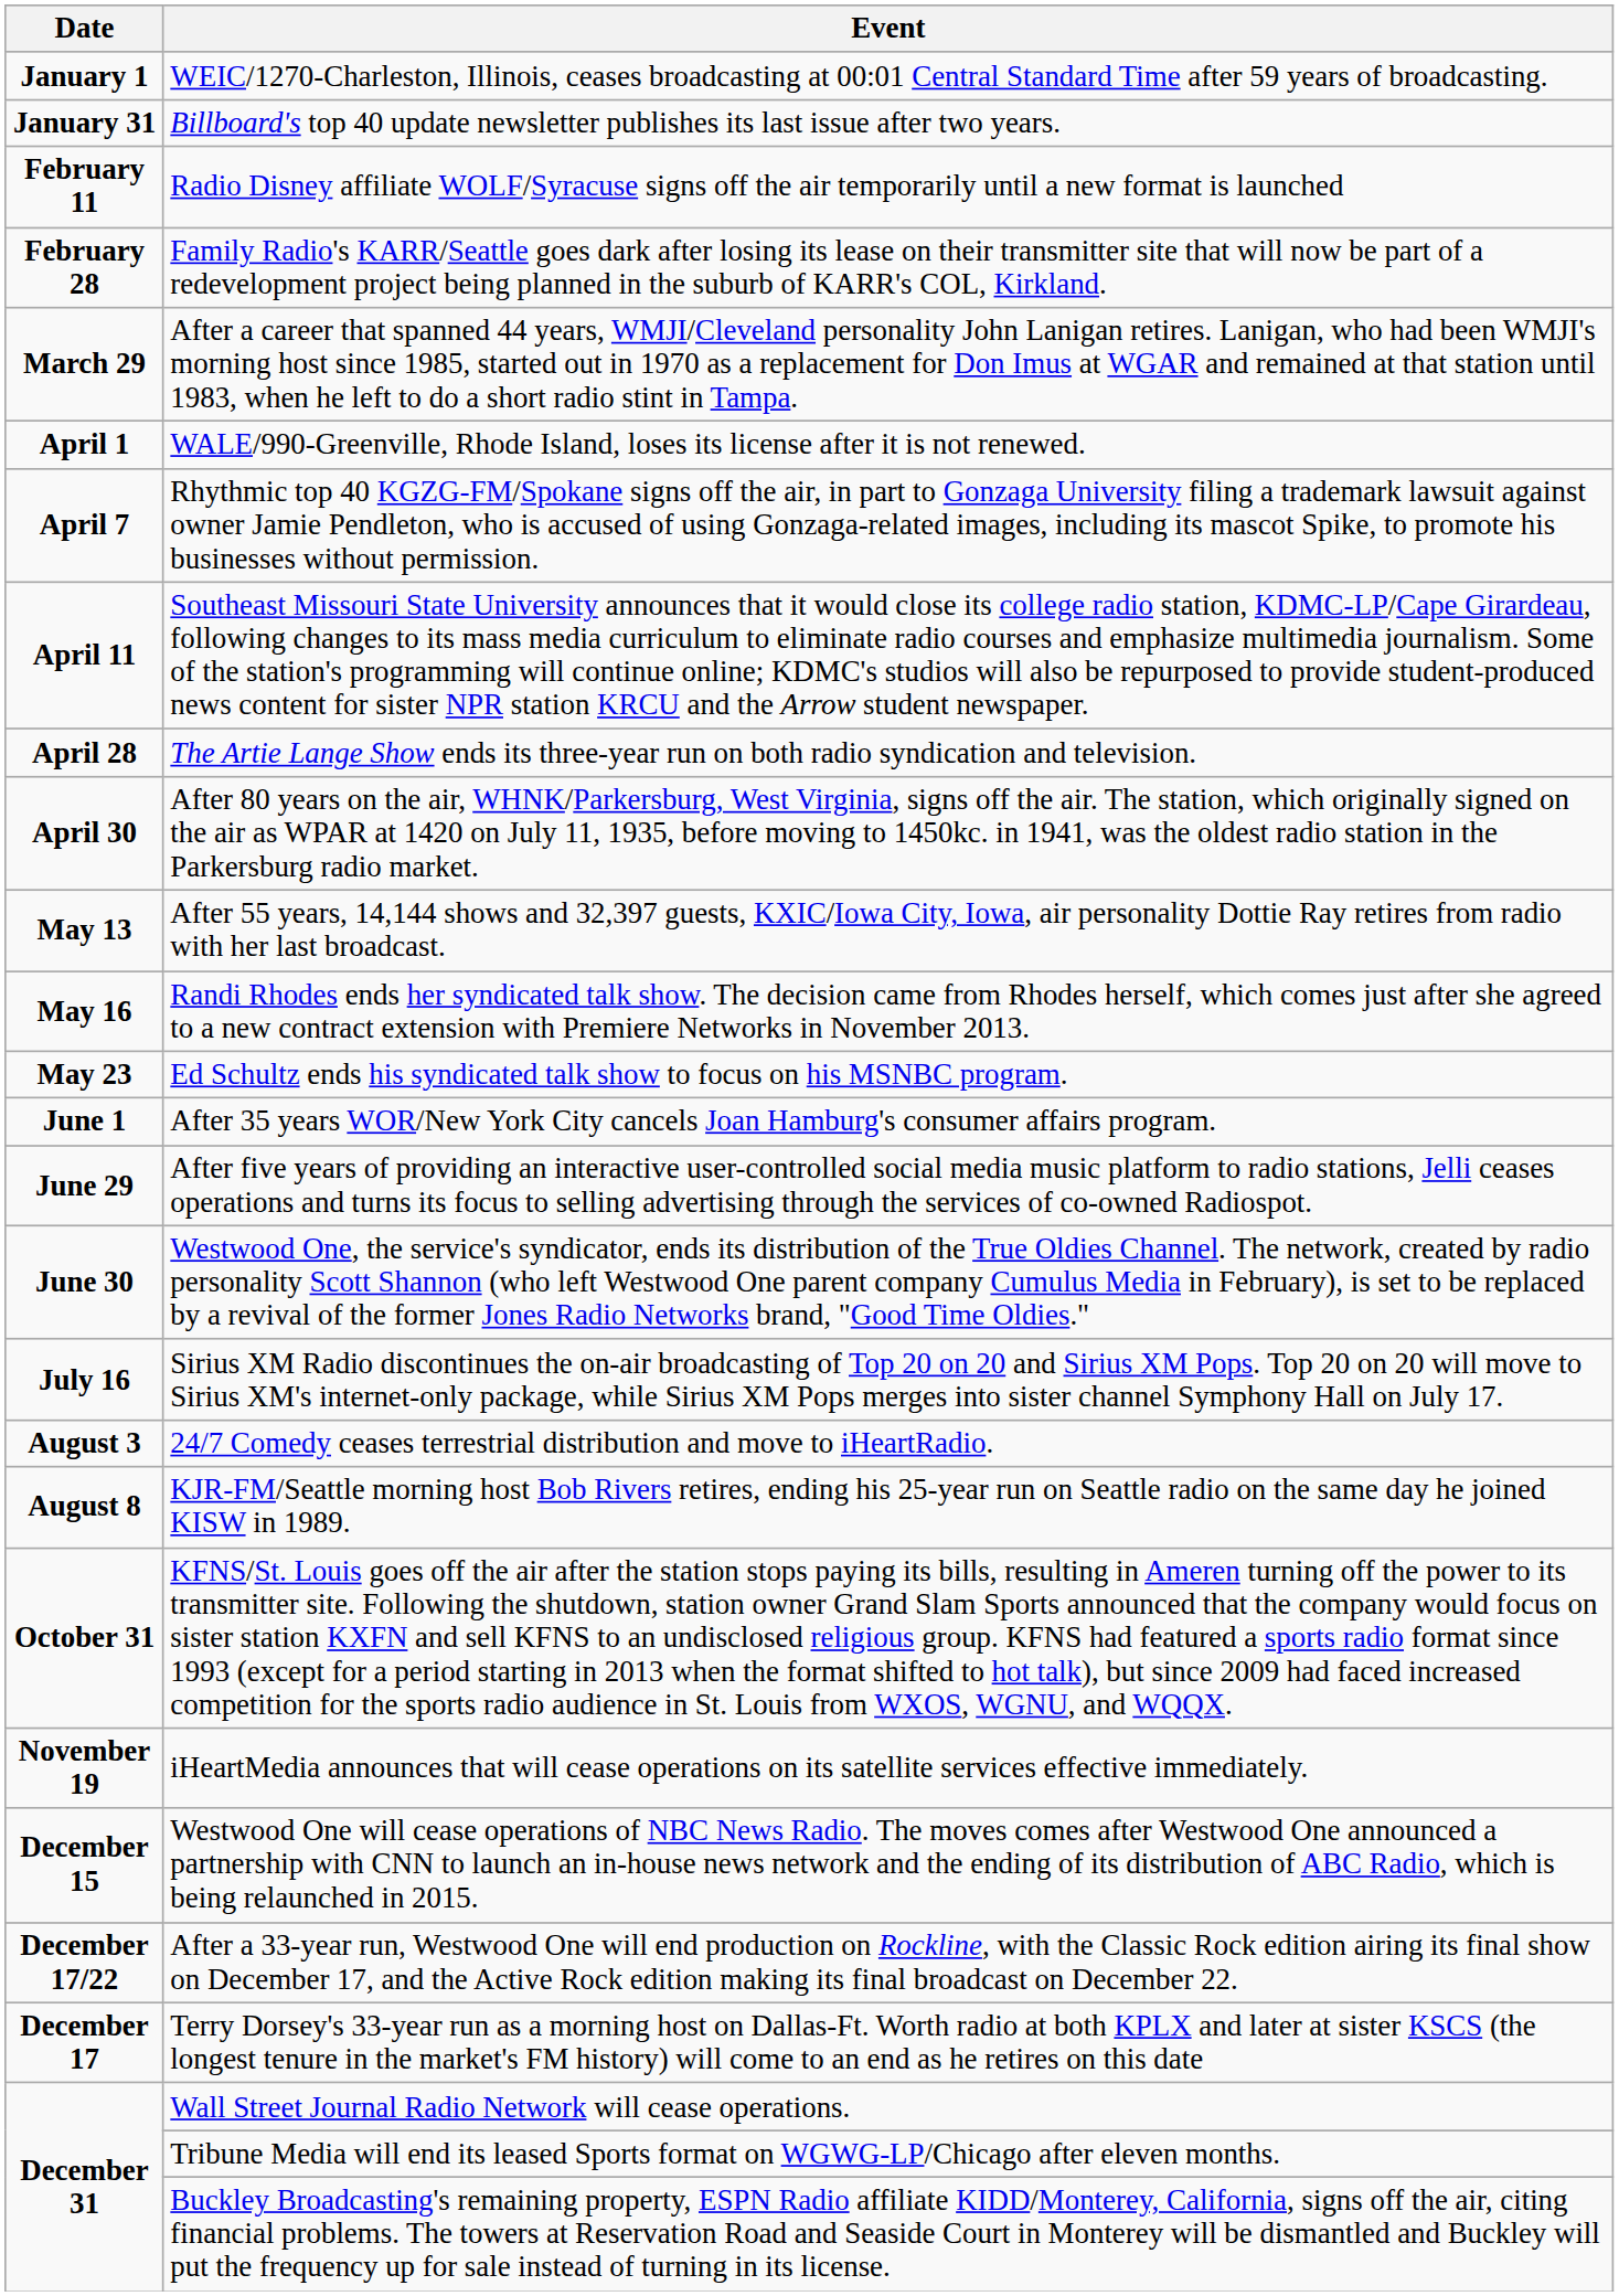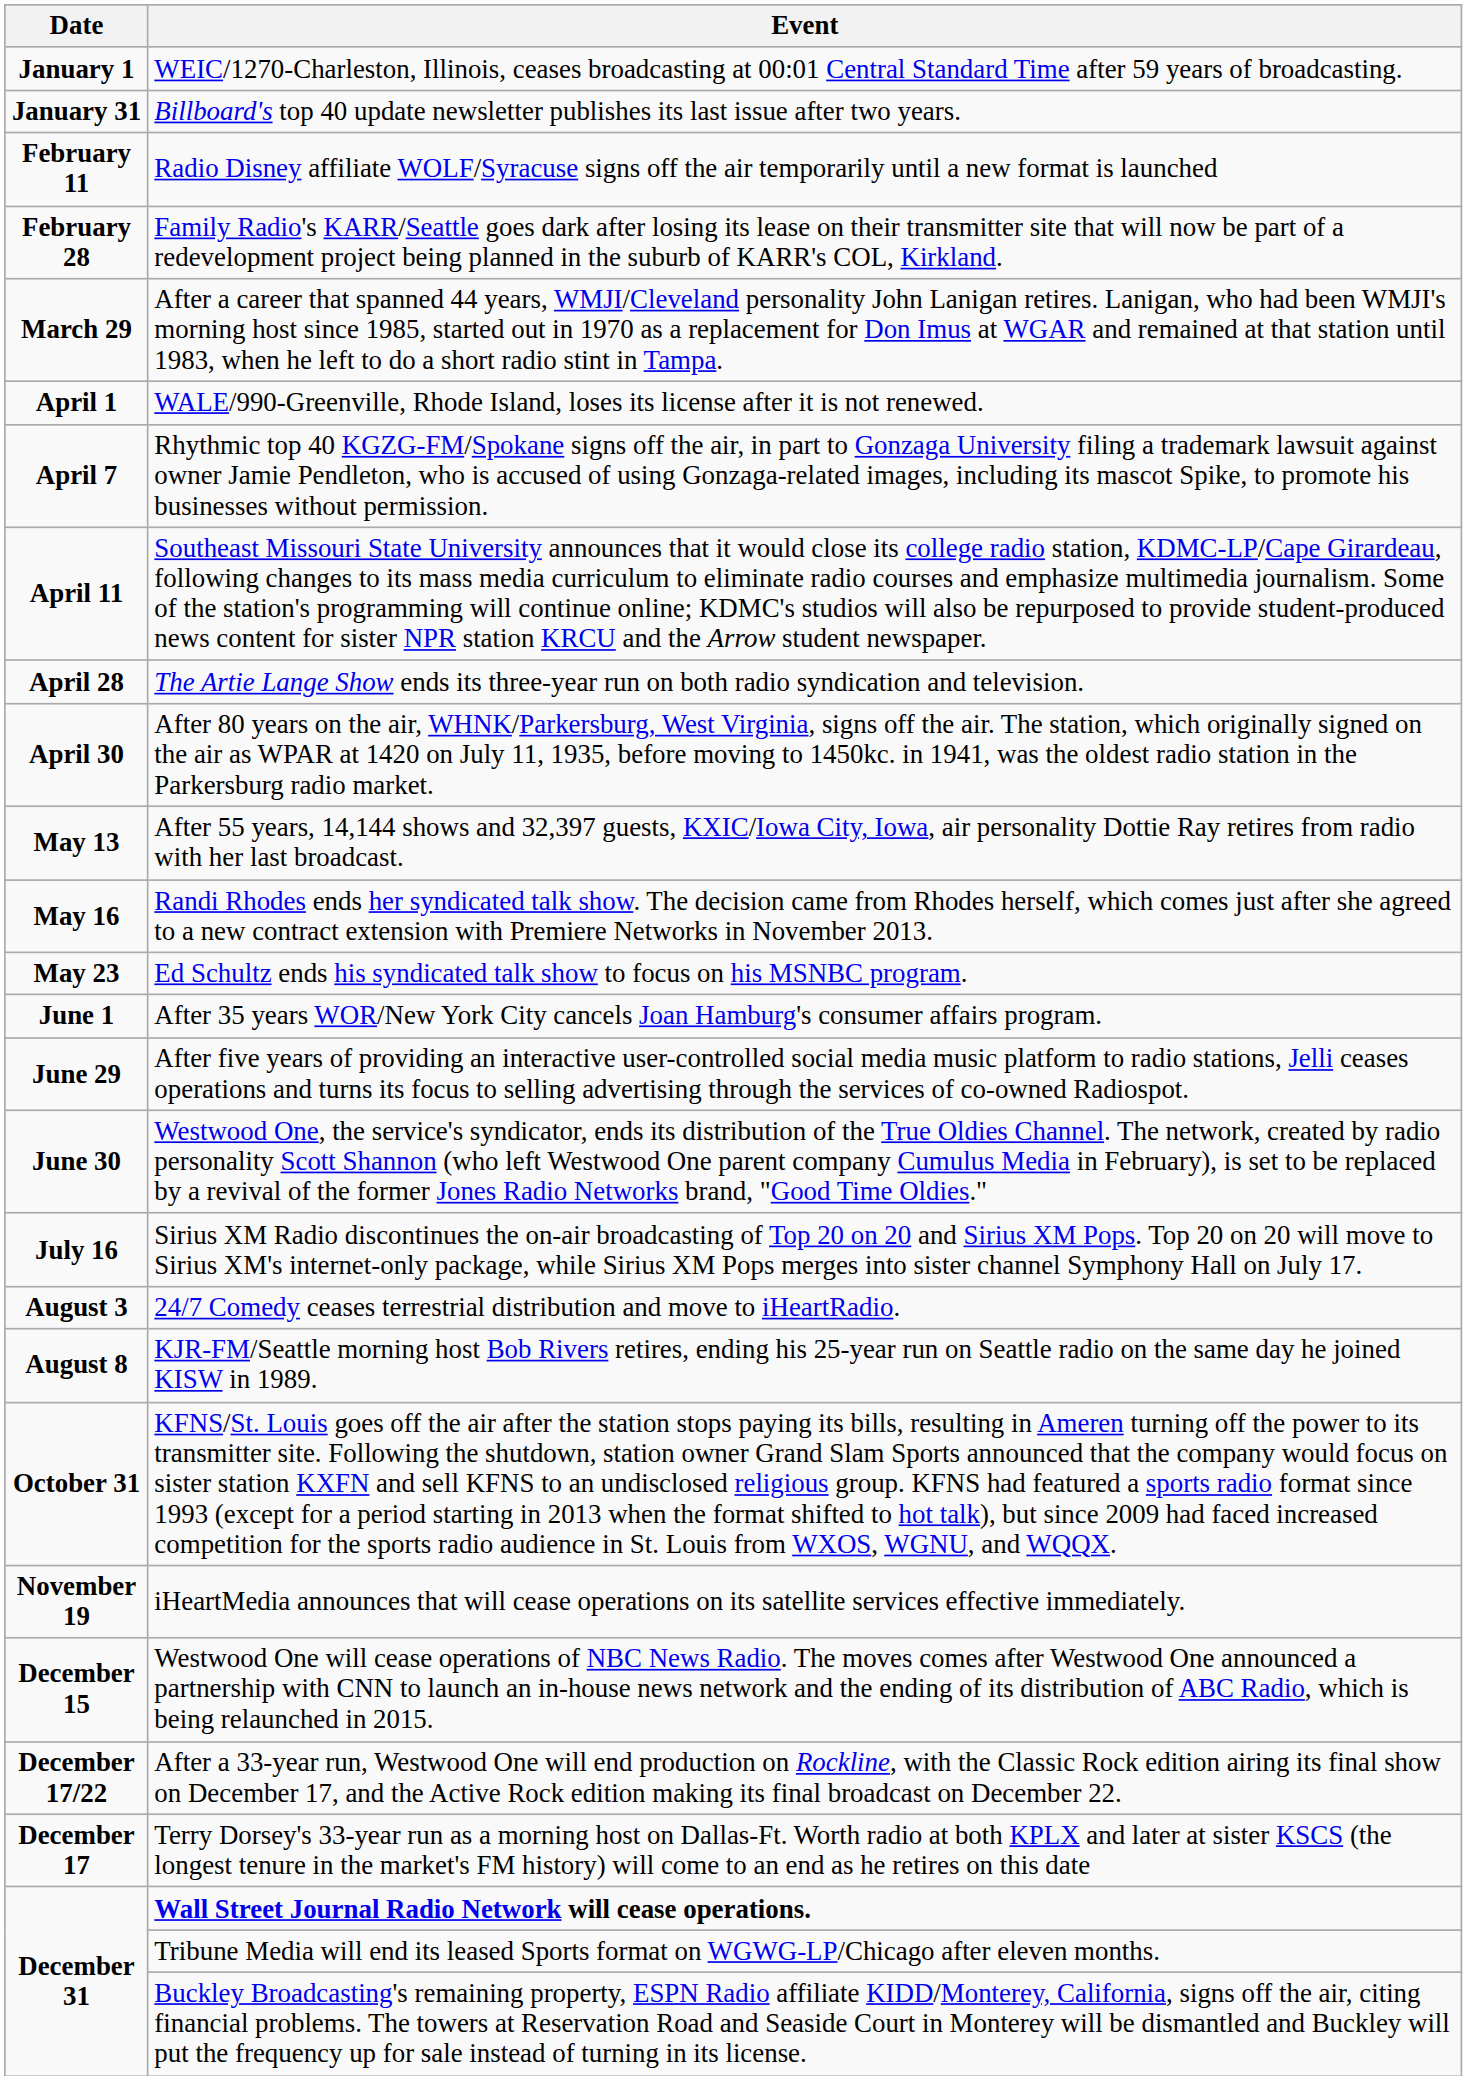 <table class="wikitable">
 <tr>
 <th>Date</th>
 <th>Event</th>
 </tr>
 <tr>
 <td style="text-align:center;"><strong>January 1</strong></td>
 <td><a href='#'>WEIC</a>/1270-Charleston, Illinois, ceases broadcasting at 00:01 <a href='#'>Central Standard Time</a> after 59 years of broadcasting.</td>
 </tr>
 <tr>
 <td style="text-align:center;"><strong>January 31</strong></td>
 <td><em><a href='#'>Billboard's</a></em> top 40 update newsletter publishes its last issue after two years.</td>
 </tr>
 <tr>
 <td style="text-align:center;"><strong>February 11</strong></td>
 <td><a href='#'>Radio Disney</a> affiliate <a href='#'>WOLF</a>/<a href='#'>Syracuse</a> signs off the air temporarily until a new format is launched</td>
 </tr>
 <tr>
 <td style="text-align:center;"><strong>February 28</strong></td>
 <td><a href='#'>Family Radio</a>'s <a href='#'>KARR</a>/<a href='#'>Seattle</a> goes dark after losing its lease on their transmitter site that will now be part of a redevelopment project being planned in the suburb of KARR's COL, <a href='#'>Kirkland</a>.</td>
 </tr>
 <tr>
 <td style="text-align:center;"><strong>March 29</strong></td>
 <td>After a career that spanned 44 years, <a href='#'>WMJI</a>/<a href='#'>Cleveland</a> personality John Lanigan retires. Lanigan, who had been WMJI's morning host since 1985, started out in 1970 as a replacement for <a href='#'>Don Imus</a> at <a href='#'>WGAR</a> and remained at that station until 1983, when he left to do a short radio stint in <a href='#'>Tampa</a>.</td>
 </tr>
 <tr>
 <td style="text-align:center;"><strong>April 1</strong></td>
 <td><a href='#'>WALE</a>/990-Greenville, Rhode Island, loses its license after it is not renewed.</td>
 </tr>
 <tr>
 <td style="text-align:center;"><strong>April 7</strong></td>
 <td>Rhythmic top 40 <a href='#'>KGZG-FM</a>/<a href='#'>Spokane</a> signs off the air, in part to <a href='#'>Gonzaga University</a> filing a trademark lawsuit against owner Jamie Pendleton, who is accused of using Gonzaga-related images, including its mascot Spike, to promote his businesses without permission.</td>
 </tr>
 <tr>
 <td style="text-align:center;"><strong>April 11</strong></td>
 <td><a href='#'>Southeast Missouri State University</a> announces that it would close its <a href='#'>college radio</a> station, <a href='#'>KDMC-LP</a>/<a href='#'>Cape Girardeau</a>, following changes to its mass media curriculum to eliminate radio courses and emphasize multimedia journalism. Some of the station's programming will continue online; KDMC's studios will also be repurposed to provide student-produced news content for sister <a href='#'>NPR</a> station <a href='#'>KRCU</a> and the <em>Arrow</em> student newspaper.</td>
 </tr>
 <tr>
 <td style="text-align:center;"><strong>April 28</strong></td>
 <td><em><a href='#'>The Artie Lange Show</a></em> ends its three-year run on both radio syndication and television.</td>
 </tr>
 <tr>
 <td style="text-align:center;"><strong>April 30</strong></td>
 <td>After 80 years on the air, <a href='#'>WHNK</a>/<a href='#'>Parkersburg, West Virginia</a>, signs off the air. The station, which originally signed on the air as WPAR at 1420 on July 11, 1935, before moving to 1450kc. in 1941, was the oldest radio station in the Parkersburg radio market.</td>
 </tr>
 <tr>
 <td style="text-align:center;"><strong>May 13</strong></td>
 <td>After 55 years, 14,144 shows and 32,397 guests, <a href='#'>KXIC</a>/<a href='#'>Iowa City, Iowa</a>, air personality Dottie Ray retires from radio with her last broadcast.</td>
 </tr>
 <tr>
 <td style="text-align:center;"><strong>May 16</strong></td>
 <td><a href='#'>Randi Rhodes</a> ends <a href='#'>her syndicated talk show</a>. The decision came from Rhodes herself, which comes just after she agreed to a new contract extension with Premiere Networks in November 2013.</td>
 </tr>
 <tr>
 <td style="text-align:center;"><strong>May 23</strong></td>
 <td><a href='#'>Ed Schultz</a> ends <a href='#'>his syndicated talk show</a> to focus on <a href='#'>his MSNBC program</a>.</td>
 </tr>
 <tr>
 <td style="text-align:center;"><strong>June 1</strong></td>
 <td>After 35 years <a href='#'>WOR</a>/New York City cancels <a href='#'>Joan Hamburg</a>'s consumer affairs program.</td>
 </tr>
 <tr>
 <td style="text-align:center;"><strong>June 29</strong></td>
 <td>After five years of providing an interactive user-controlled social media music platform to radio stations, <a href='#'>Jelli</a> ceases operations and turns its focus to selling advertising through the services of co-owned Radiospot.</td>
 </tr>
 <tr>
 <td style="text-align:center;"><strong>June 30</strong></td>
 <td><a href='#'>Westwood One</a>, the service's syndicator, ends its distribution of the <a href='#'>True Oldies Channel</a>. The network, created by radio personality <a href='#'>Scott Shannon</a> (who left Westwood One parent company <a href='#'>Cumulus Media</a> in February), is set to be replaced by a revival of the former <a href='#'>Jones Radio Networks</a> brand, "<a href='#'>Good Time Oldies</a>."</td>
 </tr>
 <tr>
 <td style="text-align:center;"><strong>July 16</strong></td>
 <td>Sirius XM Radio discontinues the on-air broadcasting of <a href='#'>Top 20 on 20</a> and <a href='#'>Sirius XM Pops</a>. Top 20 on 20 will move to Sirius XM's internet-only package, while Sirius XM Pops merges into sister channel Symphony Hall on July 17.</td>
 </tr>
 <tr>
 <td style="text-align:center;"><strong>August 3</strong></td>
 <td><a href='#'>24/7 Comedy</a> ceases terrestrial distribution and move to <a href='#'>iHeartRadio</a>.</td>
 </tr>
 <tr>
 <td style="text-align:center;"><strong>August 8</strong></td>
 <td><a href='#'>KJR-FM</a>/Seattle morning host <a href='#'>Bob Rivers</a> retires, ending his 25-year run on Seattle radio on the same day he joined <a href='#'>KISW</a> in 1989.</td>
 </tr>
 <tr>
 <td style="text-align:center;"><strong>October 31</strong></td>
 <td><a href='#'>KFNS</a>/<a href='#'>St. Louis</a> goes off the air after the station stops paying its bills, resulting in <a href='#'>Ameren</a> turning off the power to its transmitter site. Following the shutdown, station owner Grand Slam Sports announced that the company would focus on sister station <a href='#'>KXFN</a> and sell KFNS to an undisclosed <a href='#'>religious</a> group. KFNS had featured a <a href='#'>sports radio</a> format since 1993 (except for a period starting in 2013 when the format shifted to <a href='#'>hot talk</a>), but since 2009 had faced increased competition for the sports radio audience in St. Louis from <a href='#'>WXOS</a>, <a href='#'>WGNU</a>, and <a href='#'>WQQX</a>.</td>
 </tr>
 <tr>
 <td style="text-align:center"><strong>November 19</strong></td>
 <td>iHeartMedia announces that will cease operations on its satellite services effective immediately.</td>
 </tr>
 <tr>
 <td style="text-align:center;"><strong>December 15</strong></td>
 <td>Westwood One will cease operations of <a href='#'>NBC News Radio</a>. The moves comes after Westwood One announced a partnership with CNN to launch an in-house news network and the ending of its distribution of <a href='#'>ABC Radio</a>, which is being relaunched in 2015.</td>
 </tr>
 <tr>
 <td style="text-align:center;"><strong>December 17/22</strong></td>
 <td>After a 33-year run, Westwood One will end production on <em><a href='#'>Rockline</a></em>, with the Classic Rock edition airing its final show on December 17, and the Active Rock edition making its final broadcast on December 22.</td>
 </tr>
 <tr>
 <td style="text-align:center;"><strong>December 17</strong></td>
 <td>Terry Dorsey's 33-year run as a morning host on Dallas-Ft. Worth radio at both <a href='#'>KPLX</a> and later at sister <a href='#'>KSCS</a> (the longest tenure in the market's FM history) will come to an end as he retires on this date</td>
 </tr>
 <tr>
 <td style="text-align:center;" rowspan=3><strong>December 31</strong></td>
-<td><a href='#'>Wall Street Journal Radio Network</a> will cease operations.</td>
+<td><strong><a href='#'>Wall Street Journal Radio Network</a> will cease operations.</strong></td>
 </tr>
 <tr>
 <td>Tribune Media will end its leased Sports format on <a href='#'>WGWG-LP</a>/Chicago after eleven months.</td>
 </tr>
 <tr>
 <td><a href='#'>Buckley Broadcasting</a>'s remaining property, <a href='#'>ESPN Radio</a> affiliate <a href='#'>KIDD</a>/<a href='#'>Monterey, California</a>, signs off the air, citing financial problems. The towers at Reservation Road and Seaside Court in Monterey will be dismantled and Buckley will put the frequency up for sale instead of turning in its license.</td>
 </tr>
 </table>
